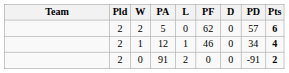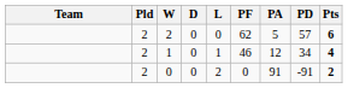 <table class="wikitable" style="text-align:center;">
 <tr>
 <th width="160">Team</th>
 <th width="25">Pld</th>
 <th width="25">W</th>
-<th width="32">PA</th>
+<th width="25">D</th>
 <th width="25">L</th>
 <th width="32">PF</th>
-<th width="25">D</th>
+<th width="32">PA</th>
 <th width="32">PD</th>
 <th>Pts</th>
 </tr>
 <tr>
 <td align="left"></td>
 <td>2</td>
 <td>2</td>
-<td>5</td>
+<td>0</td>
 <td>0</td>
 <td>62</td>
-<td>0</td>
+<td>5</td>
 <td>57</td>
 <td><strong>6</strong></td>
 </tr>
 <tr>
 <td align="left"></td>
 <td>2</td>
 <td>1</td>
-<td>12</td>
+<td>0</td>
 <td>1</td>
 <td>46</td>
-<td>0</td>
+<td>12</td>
 <td>34</td>
 <td><strong>4</strong></td>
 </tr>
 <tr>
 <td align="left"></td>
 <td>2</td>
 <td>0</td>
-<td>91</td>
+<td>0</td>
 <td>2</td>
 <td>0</td>
-<td>0</td>
+<td>91</td>
 <td>-91</td>
 <td><strong>2</strong></td>
 </tr>
 </table>
